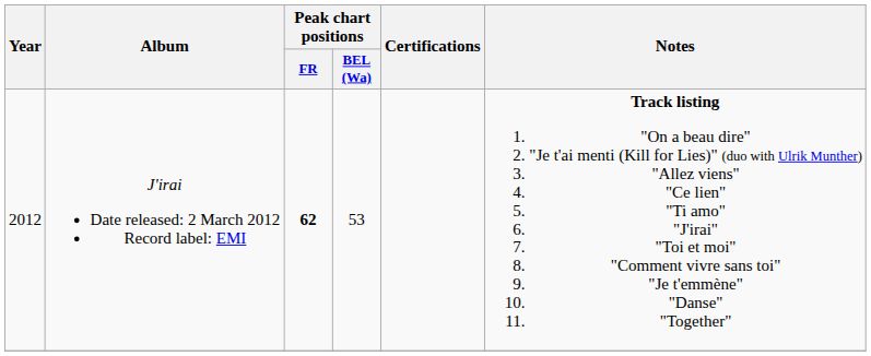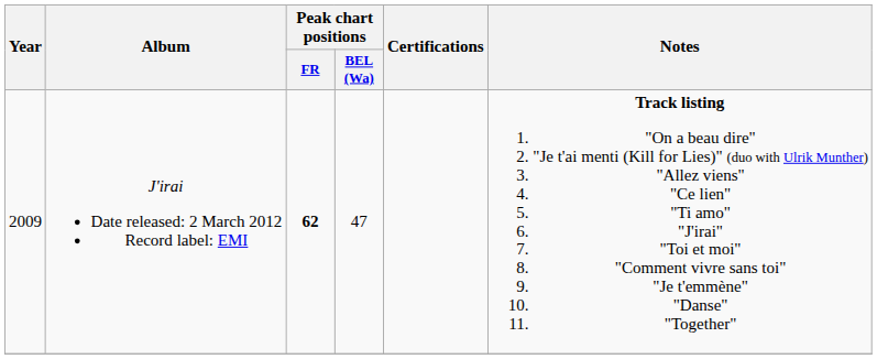 <table class="wikitable plainrowheaders" style="text-align:center;">
 <tr>
 <th scope="col" rowspan="2">Year</th>
 <th scope="col" rowspan="2">Album</th>
 <th scope="col" colspan="2">Peak chart positions</th>
 <th scope="col" rowspan="2">Certifications</th>
 <th scope="col" rowspan="2">Notes</th>
 </tr>
 <tr>
 <th scope="col" style="width:3em;font-size:85%;"><a href='#'>FR</a><br></th>
 <th scope="col" style="width:3em;font-size:85%;"><a href='#'>BEL (Wa)</a><br></th>
 </tr>
 <tr>
-<td rowspan="1">2012</td>
+<td rowspan="1">2009</td>
 <td><em>J'irai</em><br><ul><li>Date released: 2 March 2012</li><li>Record label: <a href='#'>EMI</a></li></ul></td>
 <td><strong>62</strong></td>
-<td>53</td>
+<td>47</td>
 <td></td>
 <td><strong>Track listing</strong><br><ol><li>"On a beau dire"</li><li>"Je t'ai menti (Kill for Lies)" <small>(duo with <a href='#'>Ulrik Munther</a>)</small></li><li>"Allez viens"</li><li>"Ce lien"</li><li>"Ti amo"</li><li>"J'irai"</li><li>"Toi et moi"</li><li>"Comment vivre sans toi"</li><li>"Je t'emmène"</li><li>"Danse"</li><li>"Together"</li></ol></td>
 </tr>
 <tr>
 </tr>
 </table>
